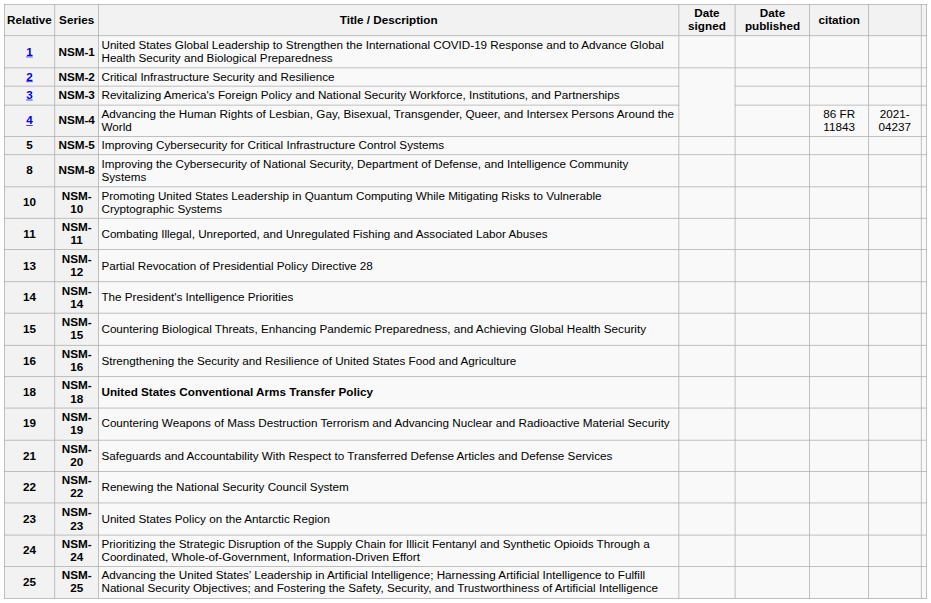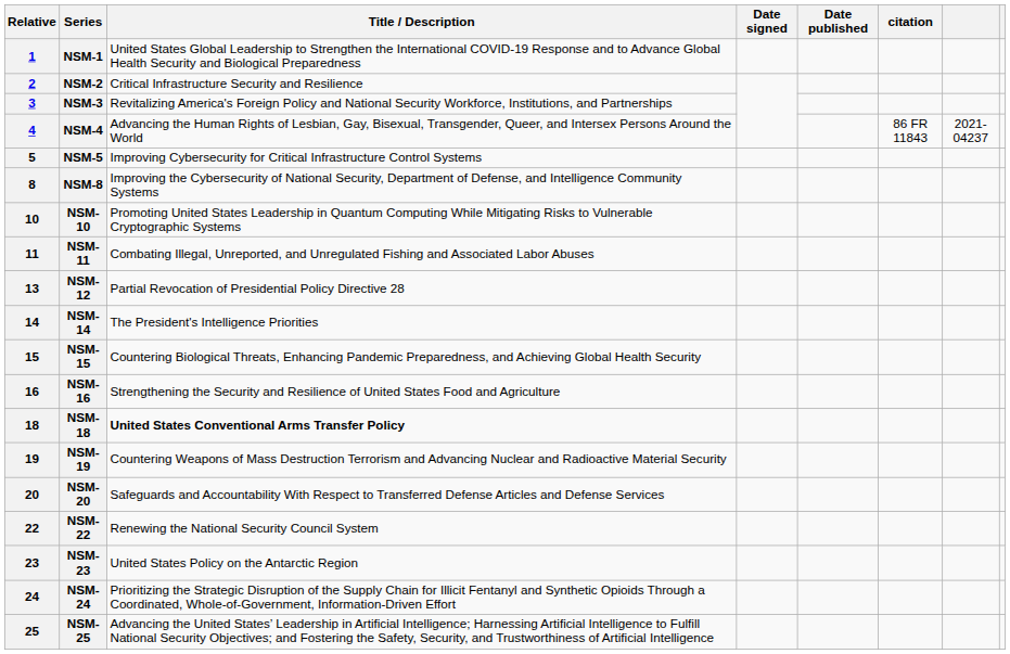 <table class="wikitable sortable plainrowheaders" style="width:100%">
 <tr style="text-align:center">
 <th>Relative</th>
 <th>Series</th>
 <th>Title / Description</th>
 <th>Date signed</th>
 <th>Date published</th>
 <th>citation</th>
 <th></th>
 <th class="unsortable"></th>
 </tr>
 <tr style="text-align:center">
 <th><a href='#'>1</a></th>
 <th>NSM-1</th>
 <td style="text-align:left">United States Global Leadership to Strengthen the International COVID-⁠19 Response and to Advance Global Health Security and Biological Preparedness</td>
 <td></td>
 <td></td>
 <td></td>
 <td></td>
 <td></td>
 </tr>
 <tr style="text-align:center">
 <th><a href='#'>2</a></th>
 <th>NSM-2</th>
 <td style="text-align:left">Critical Infrastructure Security and Resilience</td>
 <td rowspan=3></td>
 <td></td>
 <td></td>
 <td></td>
 <td></td>
 </tr>
 <tr style="text-align:center">
 <th><a href='#'>3</a></th>
 <th>NSM-3</th>
 <td style="text-align:left">Revitalizing America's Foreign Policy and National Security Workforce, Institutions, and Partnerships</td>
 <td></td>
 <td></td>
 <td></td>
 <td></td>
 </tr>
 <tr style="text-align:center">
 <th><a href='#'>4</a></th>
 <th>NSM-4</th>
 <td style="text-align:left">Advancing the Human Rights of Lesbian, Gay, Bisexual, Transgender, Queer, and Intersex Persons Around the World</td>
 <td></td>
 <td>86 FR 11843</td>
 <td>2021-04237</td>
 <td></td>
 </tr>
 <tr style="text-align:center">
 <th>5</th>
 <th>NSM-5</th>
 <td style="text-align:left">Improving Cybersecurity for Critical Infrastructure Control Systems</td>
 <td></td>
 <td></td>
 <td></td>
 <td></td>
 <td></td>
 </tr>
 <tr style="text-align:center">
 <th>8</th>
 <th>NSM-8</th>
 <td style="text-align:left">Improving the Cybersecurity of National Security, Department of Defense, and Intelligence Community Systems</td>
 <td></td>
 <td></td>
 <td></td>
 <td></td>
 <td></td>
 </tr>
 <tr style="text-align:center">
 <th>10</th>
 <th>NSM-10</th>
 <td style="text-align:left">Promoting United States Leadership in Quantum Computing While Mitigating Risks to Vulnerable Cryptographic Systems</td>
 <td></td>
 <td></td>
 <td></td>
 <td></td>
 <td></td>
 </tr>
 <tr style="text-align:center">
 <th>11</th>
 <th>NSM-11</th>
 <td style="text-align:left">Combating Illegal, Unreported, and Unregulated Fishing and Associated Labor Abuses</td>
 <td></td>
 <td></td>
 <td></td>
 <td></td>
 <td></td>
 </tr>
 <tr style="text-align:center">
 <th>13</th>
 <th>NSM-12</th>
 <td style="text-align:left">Partial Revocation of Presidential Policy Directive 28</td>
 <td></td>
 <td></td>
 <td></td>
 <td></td>
 <td></td>
 </tr>
 <tr style="text-align:center">
 <th>14</th>
 <th>NSM-14</th>
 <td style="text-align:left">The President's Intelligence Priorities</td>
 <td></td>
 <td></td>
 <td></td>
 <td></td>
 <td></td>
 </tr>
 <tr style="text-align:center">
 <th>15</th>
 <th>NSM-15</th>
 <td style="text-align:left">Countering Biological Threats, Enhancing Pandemic Preparedness, and Achieving Global Health Security</td>
 <td></td>
 <td></td>
 <td></td>
 <td></td>
 <td></td>
 </tr>
 <tr style="text-align:center">
 <th>16</th>
 <th>NSM-16</th>
 <td style="text-align:left">Strengthening the Security and Resilience of United States Food and Agriculture</td>
 <td></td>
 <td></td>
 <td></td>
 <td></td>
 <td></td>
 </tr>
 <tr style="text-align:center">
 <th>18</th>
 <th>NSM-18</th>
 <td style="text-align:left"><strong>United States Conventional Arms Transfer Policy</strong></td>
 <td></td>
 <td></td>
 <td></td>
 <td></td>
 <td></td>
 </tr>
 <tr style="text-align:center">
 <th>19</th>
 <th>NSM-19</th>
 <td style="text-align:left">Countering Weapons of Mass Destruction Terrorism and Advancing Nuclear and Radioactive Material Security</td>
 <td></td>
 <td></td>
 <td></td>
 <td></td>
 <td></td>
 </tr>
 <tr style="text-align:center">
-<th>21</th>
+<th>20</th>
 <th>NSM-20</th>
 <td style="text-align:left">Safeguards and Accountability With Respect to Transferred Defense Articles and Defense Services</td>
 <td></td>
 <td></td>
 <td></td>
 <td></td>
 <td></td>
 </tr>
 <tr style="text-align:center">
 <th>22</th>
 <th>NSM-22</th>
 <td style="text-align:left">Renewing the National Security Council System</td>
 <td></td>
 <td></td>
 <td></td>
 <td></td>
 <td></td>
 </tr>
 <tr style="text-align:center">
 <th>23</th>
 <th>NSM-23</th>
 <td style="text-align:left">United States Policy on the Antarctic Region</td>
 <td></td>
 <td></td>
 <td></td>
 <td></td>
 <td></td>
 </tr>
 <tr style="text-align:center">
 <th>24</th>
 <th>NSM-24</th>
 <td style="text-align:left">Prioritizing the Strategic Disruption of the Supply Chain for Illicit Fentanyl and Synthetic Opioids Through a Coordinated, Whole-of-Government, Information-Driven Effort</td>
 <td></td>
 <td></td>
 <td></td>
 <td></td>
 <td></td>
 </tr>
 <tr style="text-align:center">
 <th>25</th>
 <th>NSM-25</th>
 <td style="text-align:left">Advancing the United States’ Leadership in Artificial Intelligence; Harnessing Artificial Intelligence to Fulfill National Security Objectives; and Fostering the Safety, Security, and Trustworthiness of Artificial Intelligence</td>
 <td></td>
 <td></td>
 <td></td>
 <td></td>
 <td></td>
 </tr>
 </table>
